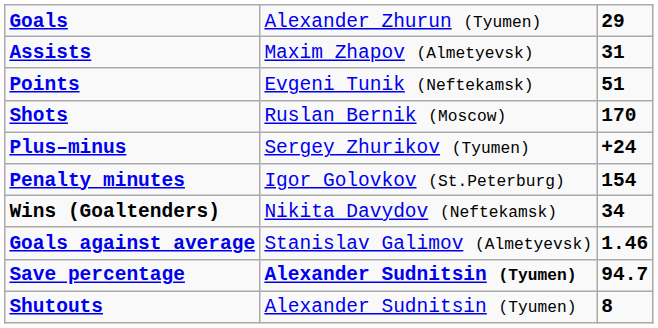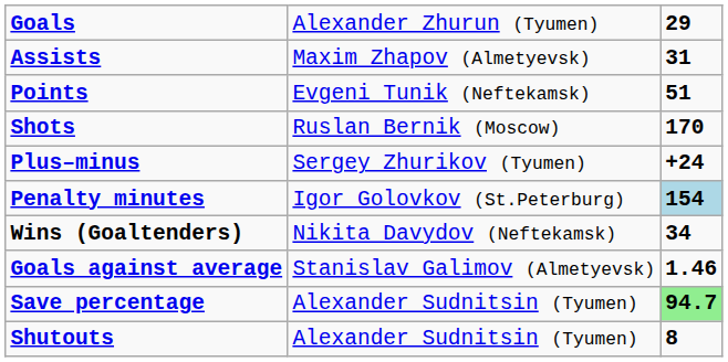 <table class="wikitable" style="text-align:left;">
 <tr>
 <td><strong><a href='#'>Goals</a></strong></td>
 <td> <a href='#'>Alexander Zhurun</a> <small>(Tyumen)</small></td>
 <td><strong>29</strong></td>
 </tr>
 <tr>
 <td><strong><a href='#'>Assists</a></strong></td>
 <td> <a href='#'>Maxim Zhapov</a> <small>(Almetyevsk)</small></td>
 <td><strong>31</strong></td>
 </tr>
 <tr>
 <td><strong><a href='#'>Points</a></strong></td>
 <td> <a href='#'>Evgeni Tunik</a> <small>(Neftekamsk)</small></td>
 <td><strong>51</strong></td>
 </tr>
 <tr>
 <td><strong><a href='#'>Shots</a></strong></td>
 <td> <a href='#'>Ruslan Bernik</a> <small>(Moscow)</small></td>
 <td><strong>170</strong></td>
 </tr>
 <tr>
 <td><strong><a href='#'>Plus–minus</a></strong></td>
 <td> <a href='#'>Sergey Zhurikov</a> <small>(Tyumen)</small></td>
 <td><strong>+24</strong></td>
 </tr>
 <tr>
 <td><strong><a href='#'>Penalty minutes</a></strong></td>
 <td> <a href='#'>Igor Golovkov</a> <small>(St.Peterburg)</small></td>
-<td><strong>154</strong></td>
+<td style="background: lightblue;"><strong>154</strong></td>
 </tr>
 <tr>
 <td><strong>Wins (Goaltenders)</strong></td>
 <td> <a href='#'>Nikita Davydov</a> <small>(Neftekamsk)</small></td>
 <td><strong>34</strong></td>
 </tr>
 <tr>
 <td><strong><a href='#'>Goals against average</a></strong></td>
 <td> <a href='#'>Stanislav Galimov</a> <small>(Almetyevsk)</small></td>
 <td><strong>1.46</strong></td>
 </tr>
 <tr>
 <td><strong><a href='#'>Save percentage</a></strong></td>
-<td><strong> <a href='#'>Alexander Sudnitsin</a> <small>(Tyumen)</small></strong></td>
-<td><strong>94.7</strong></td>
+<td> <a href='#'>Alexander Sudnitsin</a> <small>(Tyumen)</small></td>
+<td style="background: lightgreen;"><strong>94.7</strong></td>
 </tr>
 <tr>
 <td><strong><a href='#'>Shutouts</a></strong></td>
 <td> <a href='#'>Alexander Sudnitsin</a> <small>(Tyumen)</small></td>
 <td><strong>8</strong></td>
 </tr>
 </table>
